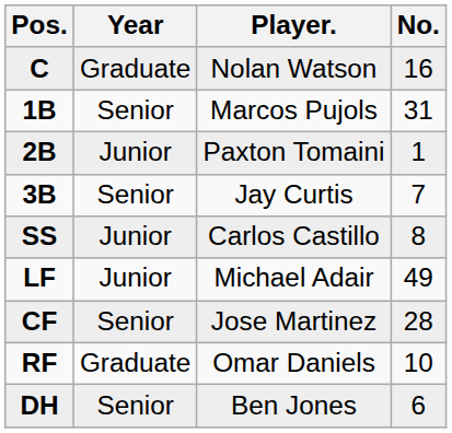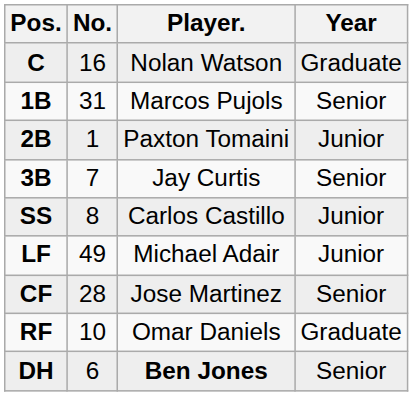 <table class="wikitable non-sortable">
 <tr>
 <th style="text-align:center; ">Pos.</th>
+<th style="text-align:center; ">No.</th>
+<th style="text-align:center; ">Player.</th>
 <th style="text-align:center; ">Year</th>
-<th style="text-align:center; ">Player.</th>
-<th style="text-align:center; ">No.</th>
 </tr>
 <tr style="background:#eeeeee;text-align:center;">
 <td><strong>C</strong></td>
+<td>16</td>
+<td>Nolan Watson</td>
 <td>Graduate</td>
-<td>Nolan Watson</td>
-<td>16</td>
 </tr>
 <tr style="text-align:center;">
 <td><strong>1B</strong></td>
+<td>31</td>
+<td>Marcos Pujols</td>
 <td>Senior</td>
-<td>Marcos Pujols</td>
-<td>31</td>
 </tr>
 <tr style="background:#eeeeee;text-align:center;">
 <td><strong>2B</strong></td>
+<td>1</td>
+<td>Paxton Tomaini</td>
 <td>Junior</td>
-<td>Paxton Tomaini</td>
-<td>1</td>
 </tr>
 <tr style="text-align:center;">
 <td><strong>3B</strong></td>
+<td>7</td>
+<td>Jay Curtis</td>
 <td>Senior</td>
-<td>Jay Curtis</td>
-<td>7</td>
 </tr>
 <tr style="background:#eeeeee;text-align:center;">
 <td><strong>SS</strong></td>
+<td>8</td>
+<td>Carlos Castillo</td>
 <td>Junior</td>
-<td>Carlos Castillo</td>
-<td>8</td>
 </tr>
 <tr style="text-align:center;">
 <td><strong>LF</strong></td>
+<td>49</td>
+<td>Michael Adair</td>
 <td>Junior</td>
-<td>Michael Adair</td>
-<td>49</td>
 </tr>
 <tr style="background:#eeeeee;text-align:center;">
 <td><strong>CF</strong></td>
+<td>28</td>
+<td>Jose Martinez</td>
 <td>Senior</td>
-<td>Jose Martinez</td>
-<td>28</td>
 </tr>
 <tr style="text-align:center;">
 <td><strong>RF</strong></td>
+<td>10</td>
+<td>Omar Daniels</td>
 <td>Graduate</td>
-<td>Omar Daniels</td>
-<td>10</td>
 </tr>
 <tr style="background:#eeeeee;text-align:center;">
 <td><strong>DH</strong></td>
+<td>6</td>
+<td><strong>Ben Jones</strong></td>
 <td>Senior</td>
-<td>Ben Jones</td>
-<td>6</td>
 </tr>
 </table>
